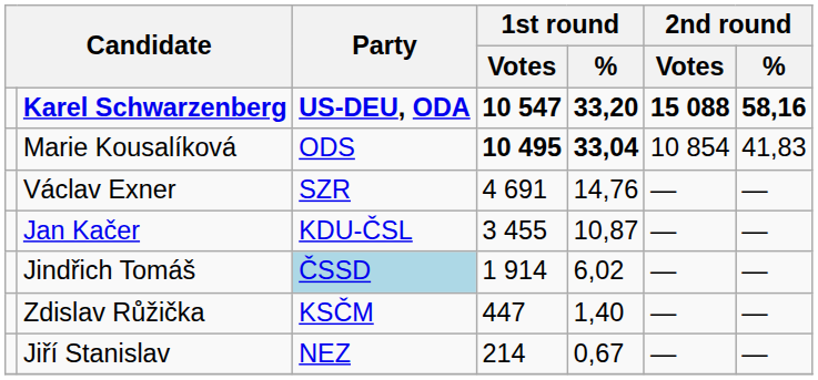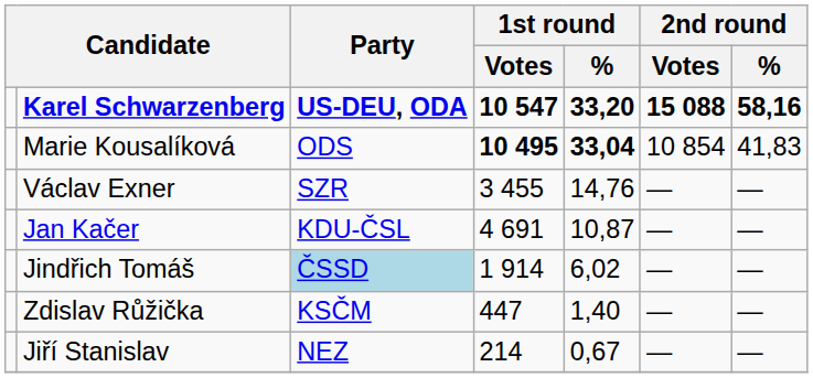 <table class="wikitable sortable">
 <tr>
 <th colspan="2" rowspan="2">Candidate</th>
 <th rowspan="2">Party</th>
 <th colspan="2">1st round</th>
 <th colspan="2">2nd round</th>
 </tr>
 <tr>
 <th>Votes</th>
 <th>%</th>
 <th>Votes</th>
 <th>%</th>
 </tr>
 <tr>
 <td style="background-color:"></td>
 <td><strong><a href='#'>Karel Schwarzenberg</a></strong></td>
 <td><strong><a href='#'>US-DEU</a>, <a href='#'>ODA</a></strong></td>
 <td><strong>10 547</strong></td>
 <td><strong>33,20</strong></td>
 <td><strong>15 088</strong></td>
 <td><strong>58,16</strong></td>
 </tr>
 <tr>
 <td style="background-color:"></td>
 <td>Marie Kousalíková</td>
 <td><a href='#'>ODS</a></td>
 <td><strong>10 495</strong></td>
 <td><strong>33,04</strong></td>
 <td>10 854</td>
 <td>41,83</td>
 </tr>
 <tr>
 <td style="background-color:"></td>
 <td>Václav Exner</td>
 <td><a href='#'>SZR</a></td>
-<td>4 691</td>
+<td>3 455</td>
 <td>14,76</td>
 <td>—</td>
 <td>—</td>
 </tr>
 <tr>
 <td style="background-color:"></td>
 <td><a href='#'>Jan Kačer</a></td>
 <td><a href='#'>KDU-ČSL</a></td>
-<td>3 455</td>
+<td>4 691</td>
 <td>10,87</td>
 <td>—</td>
 <td>—</td>
 </tr>
 <tr>
 <td style="background-color:"></td>
 <td>Jindřich Tomáš</td>
 <td style="background: lightblue;"><a href='#'>ČSSD</a></td>
 <td>1 914</td>
 <td>6,02</td>
 <td>—</td>
 <td>—</td>
 </tr>
 <tr>
 <td style="background-color:"></td>
 <td>Zdislav Růžička</td>
 <td><a href='#'>KSČM</a></td>
 <td>447</td>
 <td>1,40</td>
 <td>—</td>
 <td>—</td>
 </tr>
 <tr>
 <td style="background-color:"></td>
 <td>Jiří Stanislav</td>
 <td><a href='#'>NEZ</a></td>
 <td>214</td>
 <td>0,67</td>
 <td>—</td>
 <td>—</td>
 </tr>
 <tr>
 </tr>
 </table>
